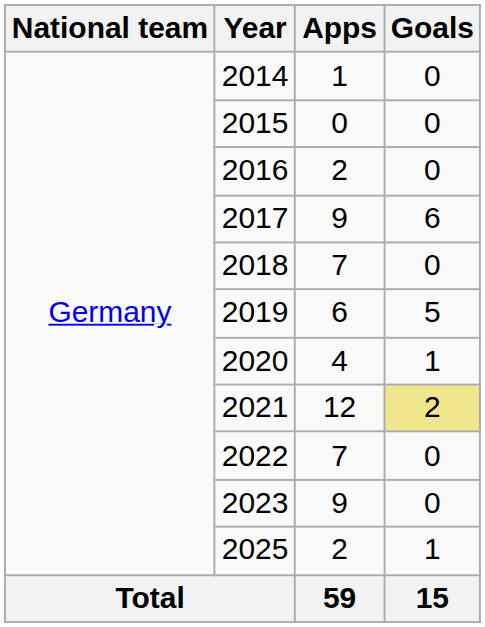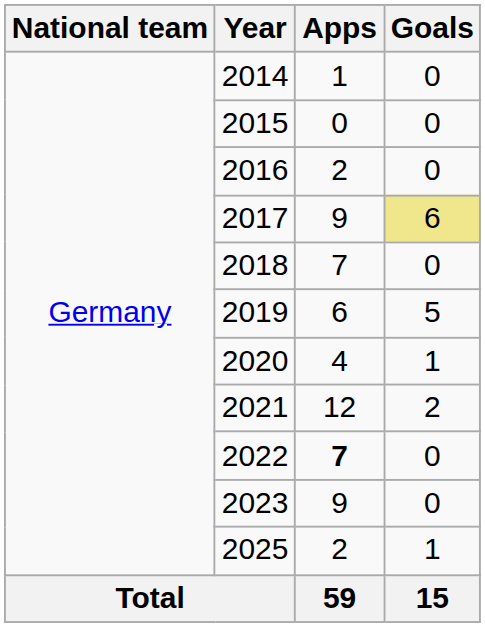 <table class="wikitable" style="text-align:center">
 <tr>
 <th>National team</th>
 <th>Year</th>
 <th>Apps</th>
 <th>Goals</th>
 </tr>
 <tr>
 <td rowspan="11"><a href='#'>Germany</a></td>
 <td>2014</td>
 <td>1</td>
 <td>0</td>
 </tr>
 <tr>
 <td>2015</td>
 <td>0</td>
 <td>0</td>
 </tr>
 <tr>
 <td>2016</td>
 <td>2</td>
 <td>0</td>
 </tr>
 <tr>
 <td>2017</td>
 <td>9</td>
-<td>6</td>
+<td style="background: khaki;">6</td>
 </tr>
 <tr>
 <td>2018</td>
 <td>7</td>
 <td>0</td>
 </tr>
 <tr>
 <td>2019</td>
 <td>6</td>
 <td>5</td>
 </tr>
 <tr>
 <td>2020</td>
 <td>4</td>
 <td>1</td>
 </tr>
 <tr>
 <td>2021</td>
 <td>12</td>
-<td style="background: khaki;">2</td>
+<td>2</td>
 </tr>
 <tr>
 <td>2022</td>
-<td>7</td>
+<td><strong>7</strong></td>
 <td>0</td>
 </tr>
 <tr>
 <td>2023</td>
 <td>9</td>
 <td>0</td>
 </tr>
 <tr>
 <td>2025</td>
 <td>2</td>
 <td>1</td>
 </tr>
 <tr>
 <th colspan=2>Total</th>
 <th>59</th>
 <th>15</th>
 </tr>
 </table>
